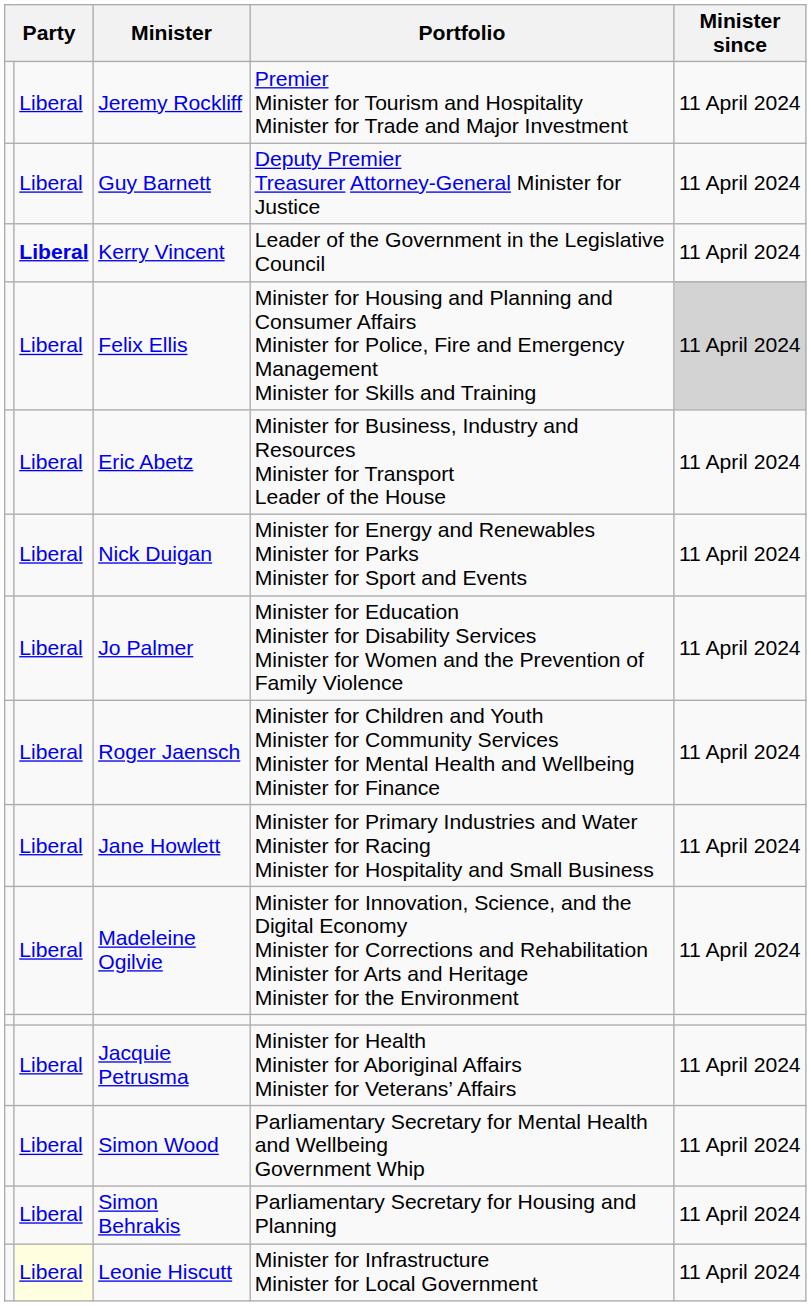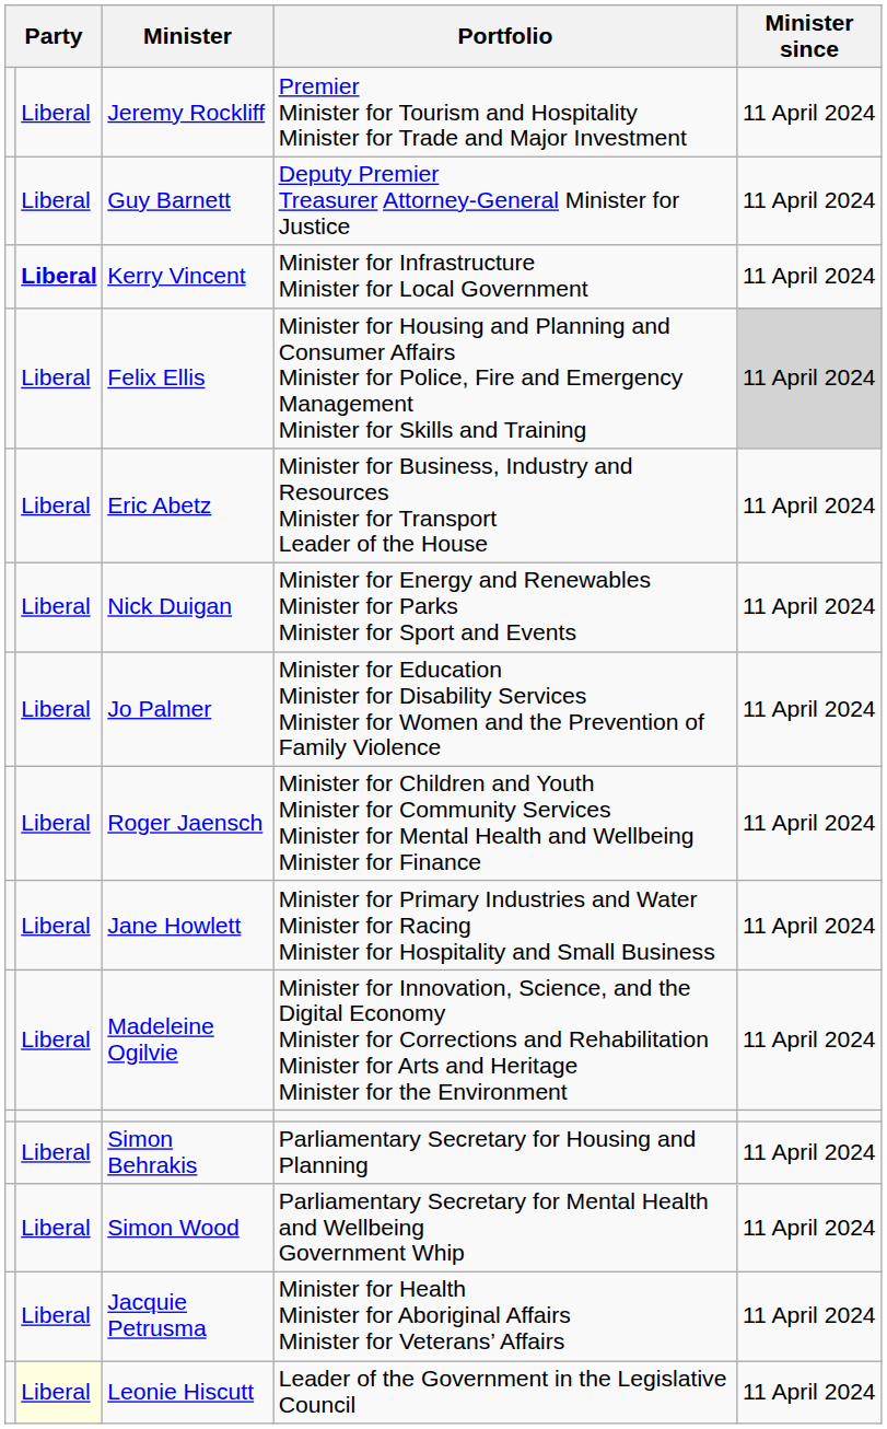 <table class="wikitable">
 <tr>
 <th colspan="2">Party</th>
 <th>Minister</th>
 <th>Portfolio</th>
 <th>Minister since</th>
 </tr>
 <tr>
 <td></td>
 <td><a href='#'>Liberal</a></td>
 <td><a href='#'>Jeremy Rockliff</a></td>
 <td><a href='#'>Premier</a><br>Minister for Tourism and Hospitality<br>Minister for Trade and Major Investment</td>
 <td>11 April 2024</td>
 </tr>
 <tr>
 <td></td>
 <td><a href='#'>Liberal</a></td>
 <td><a href='#'>Guy Barnett</a></td>
 <td><a href='#'>Deputy Premier</a><br><a href='#'>Treasurer</a> <a href='#'>Attorney-General</a> Minister for Justice</td>
 <td>11 April 2024</td>
 </tr>
 <tr>
 <td></td>
 <td><strong><a href='#'>Liberal</a></strong></td>
 <td><a href='#'>Kerry Vincent</a></td>
-<td>Leader of the Government in the Legislative Council</td>
+<td>Minister for Infrastructure<br>Minister for Local Government</td>
 <td>11 April 2024</td>
 </tr>
 <tr>
 <td></td>
 <td><a href='#'>Liberal</a></td>
 <td><a href='#'>Felix Ellis</a></td>
 <td>Minister for Housing and Planning and Consumer Affairs<br>Minister for Police, Fire and Emergency Management<br>Minister for Skills and Training</td>
 <td style="background: lightgrey;">11 April 2024</td>
 </tr>
 <tr>
 <td></td>
 <td><a href='#'>Liberal</a></td>
 <td><a href='#'>Eric Abetz</a></td>
 <td>Minister for Business, Industry and Resources<br>Minister for Transport<br>Leader of the House</td>
 <td>11 April 2024</td>
 </tr>
 <tr>
 <td></td>
 <td><a href='#'>Liberal</a></td>
 <td><a href='#'>Nick Duigan</a></td>
 <td>Minister for Energy and Renewables<br>Minister for Parks<br>Minister for Sport and Events</td>
 <td>11 April 2024</td>
 </tr>
 <tr>
 <td></td>
 <td><a href='#'>Liberal</a></td>
 <td><a href='#'>Jo Palmer</a></td>
 <td>Minister for Education<br>Minister for Disability Services<br>Minister for Women and the Prevention of Family Violence</td>
 <td>11 April 2024</td>
 </tr>
 <tr>
 <td></td>
 <td><a href='#'>Liberal</a></td>
 <td><a href='#'>Roger Jaensch</a></td>
 <td>Minister for Children and Youth<br>Minister for Community Services<br>Minister for Mental Health and Wellbeing<br>Minister for Finance</td>
 <td>11 April 2024</td>
 </tr>
 <tr>
 <td></td>
 <td><a href='#'>Liberal</a></td>
 <td><a href='#'>Jane Howlett</a></td>
 <td>Minister for Primary Industries and Water<br>Minister for Racing<br>Minister for Hospitality and Small Business</td>
 <td>11 April 2024</td>
 </tr>
 <tr>
 <td></td>
 <td><a href='#'>Liberal</a></td>
 <td><a href='#'>Madeleine Ogilvie</a></td>
 <td>Minister for Innovation, Science, and the Digital Economy<br>Minister for Corrections and Rehabilitation<br>Minister for Arts and Heritage<br>Minister for the Environment</td>
 <td>11 April 2024</td>
 </tr>
 <tr>
 <td></td>
 <td></td>
 <td></td>
 <td></td>
 <td></td>
 </tr>
 <tr>
 <td></td>
 <td><a href='#'>Liberal</a></td>
-<td><a href='#'>Jacquie Petrusma</a></td>
-<td>Minister for Health<br>Minister for Aboriginal Affairs<br>Minister for Veterans’ Affairs</td>
+<td><a href='#'>Simon Behrakis</a></td>
+<td>Parliamentary Secretary for Housing and Planning</td>
 <td>11 April 2024</td>
 </tr>
 <tr>
 <td></td>
 <td><a href='#'>Liberal</a></td>
 <td><a href='#'>Simon Wood</a></td>
 <td>Parliamentary Secretary for Mental Health and Wellbeing<br>Government Whip</td>
 <td>11 April 2024</td>
 </tr>
 <tr>
 <td></td>
 <td><a href='#'>Liberal</a></td>
-<td><a href='#'>Simon Behrakis</a></td>
-<td>Parliamentary Secretary for Housing and Planning</td>
+<td><a href='#'>Jacquie Petrusma</a></td>
+<td>Minister for Health<br>Minister for Aboriginal Affairs<br>Minister for Veterans’ Affairs</td>
 <td>11 April 2024</td>
 </tr>
 <tr>
 <td></td>
 <td style="background: lightyellow;"><a href='#'>Liberal</a></td>
 <td><a href='#'>Leonie Hiscutt</a></td>
-<td>Minister for Infrastructure<br>Minister for Local Government</td>
+<td>Leader of the Government in the Legislative Council</td>
 <td>11 April 2024</td>
 </tr>
 </table>
